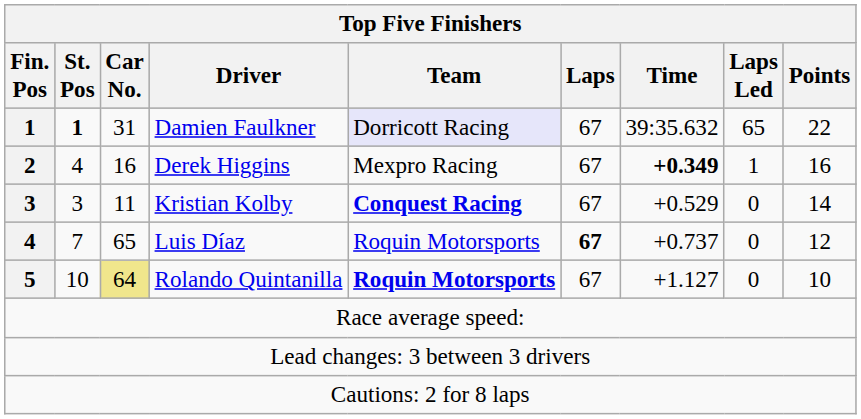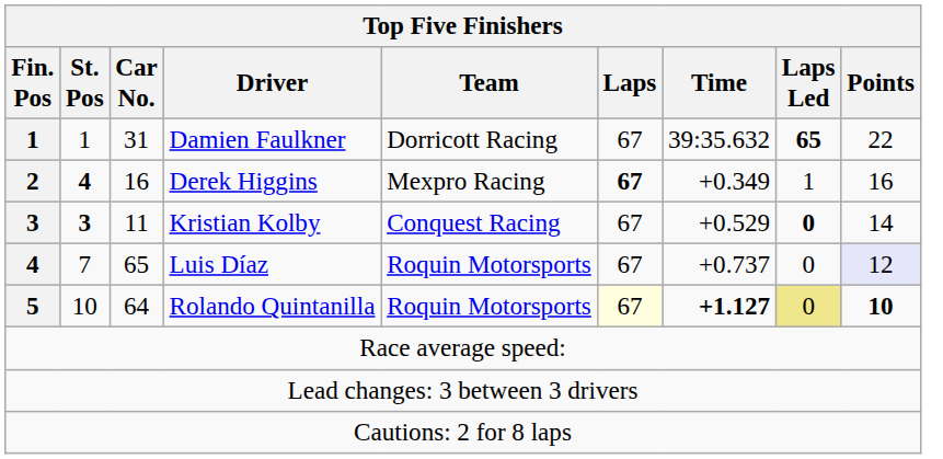 <table class="wikitable" style="font-size:95%;">
 <tr>
 <th colspan=9>Top Five Finishers</th>
 </tr>
 <tr>
 <th>Fin.<br>Pos</th>
 <th>St.<br>Pos</th>
 <th>Car<br>No.</th>
 <th>Driver</th>
 <th>Team</th>
 <th>Laps</th>
 <th>Time</th>
 <th>Laps<br>Led</th>
 <th>Points</th>
 </tr>
 <tr>
 <th>1</th>
-<td align=center><strong>1</strong></td>
+<td align=center>1</td>
 <td align=center>31</td>
 <td> <a href='#'>Damien Faulkner</a></td>
-<td style="background: lavender;">Dorricott Racing</td>
+<td>Dorricott Racing</td>
 <td align=center>67</td>
 <td align=right>39:35.632</td>
-<td align=center>65</td>
+<td align=center><strong>65</strong></td>
 <td align=center>22</td>
 </tr>
 <tr>
 <th>2</th>
-<td align=center>4</td>
+<td align=center><strong>4</strong></td>
 <td align=center>16</td>
 <td> <a href='#'>Derek Higgins</a></td>
 <td>Mexpro Racing</td>
-<td align=center>67</td>
-<td align=right><strong>+0.349</strong></td>
+<td align=center><strong>67</strong></td>
+<td align=right>+0.349</td>
 <td align=center>1</td>
 <td align=center>16</td>
 </tr>
 <tr>
 <th>3</th>
-<td align=center>3</td>
+<td align=center><strong>3</strong></td>
 <td align=center>11</td>
 <td> <a href='#'>Kristian Kolby</a></td>
-<td><strong><a href='#'>Conquest Racing</a></strong></td>
+<td><a href='#'>Conquest Racing</a></td>
 <td align=center>67</td>
 <td align=right>+0.529</td>
-<td align=center>0</td>
+<td align=center><strong>0</strong></td>
 <td align=center>14</td>
 </tr>
 <tr>
 <th>4</th>
 <td align=center>7</td>
 <td align=center>65</td>
 <td> <a href='#'>Luis Díaz</a></td>
 <td><a href='#'>Roquin Motorsports</a></td>
-<td align=center><strong>67</strong></td>
+<td align=center>67</td>
 <td align=right>+0.737</td>
 <td align=center>0</td>
-<td align=center>12</td>
+<td align=center style="background: lavender;">12</td>
 </tr>
 <tr>
 <th>5</th>
 <td align=center>10</td>
-<td align=center style="background: khaki;">64</td>
+<td align=center>64</td>
 <td> <a href='#'>Rolando Quintanilla</a></td>
-<td><strong><a href='#'>Roquin Motorsports</a></strong></td>
-<td align=center>67</td>
-<td align=right>+1.127</td>
-<td align=center>0</td>
-<td align=center>10</td>
+<td><a href='#'>Roquin Motorsports</a></td>
+<td align=center style="background: lightyellow;">67</td>
+<td align=right><strong>+1.127</strong></td>
+<td align=center style="background: khaki;">0</td>
+<td align=center><strong>10</strong></td>
 </tr>
 <tr>
 <td align=center colspan=9>Race average speed: </td>
 </tr>
 <tr>
 <td align=center colspan=9>Lead changes: 3 between 3 drivers</td>
 </tr>
 <tr>
 <td align=center colspan=9>Cautions: 2 for 8 laps</td>
 </tr>
 </table>
